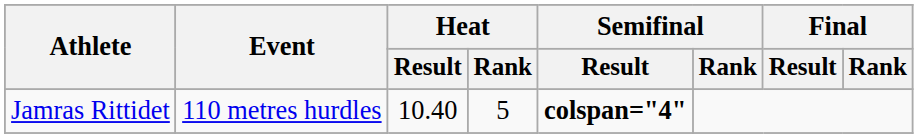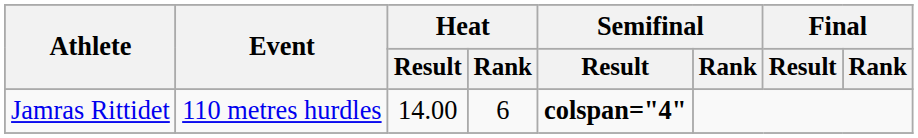 <table class="wikitable" style="font-size:90%">
 <tr>
 <th rowspan="2">Athlete</th>
 <th rowspan="2">Event</th>
 <th colspan="2">Heat</th>
 <th colspan="2">Semifinal</th>
 <th colspan="2">Final</th>
 </tr>
 <tr style="font-size:95%">
 <th>Result</th>
 <th>Rank</th>
 <th>Result</th>
 <th>Rank</th>
 <th>Result</th>
 <th>Rank</th>
 </tr>
 <tr style=text-align:center>
 <td style=text-align:left><a href='#'>Jamras Rittidet</a></td>
 <td style=text-align:left><a href='#'>110 metres hurdles</a></td>
-<td>10.40</td>
-<td>5</td>
+<td>14.00</td>
+<td>6</td>
 <td><strong>colspan="4" </strong></td>
 </tr>
 </table>
